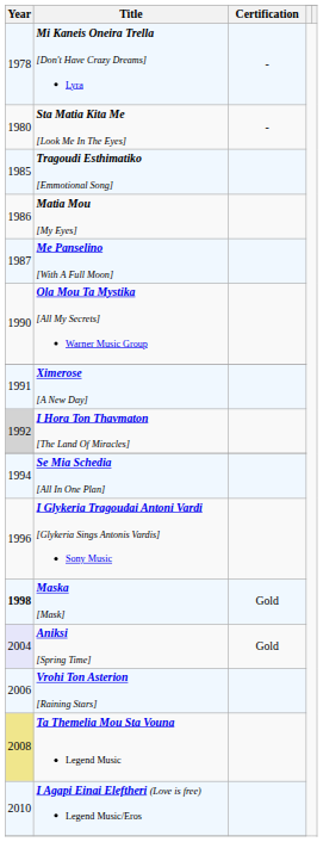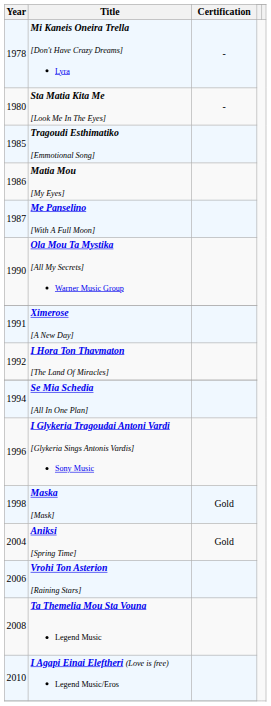 <table class="wikitable"|width=100%>
 <tr bgcolor="#CCCCCC">
 <th width="20" rowspan="2">Year</th>
 <th width="260" rowspan="2">Title</th>
 <th width="100" rowspan="2">Certification</th>
 </tr>
 <tr>
 <th></th>
 <th></th>
 </tr>
 <tr bgcolor="#F0F8FF">
 <td>1978</td>
 <td><strong><em>Mi Kaneis Oneira Trella</em></strong> <br><br><em><small>[Don't Have Crazy Dreams]</small></em><ul><li><small> <a href='#'>Lyra</a></small></li></ul></td>
 <td align="center">-</td>
 </tr>
 <tr>
 <td>1980</td>
 <td><strong><em>Sta Matia Kita Me</em></strong>  <br><br><em><small>[Look Me In The Eyes]</small></em></td>
 <td align="center">-</td>
 </tr>
 <tr bgcolor="#F0F8FF">
 <td>1985</td>
 <td><strong><em>Tragoudi Esthimatiko</em></strong> <br><br><em><small>[Emmotional Song]</small></em></td>
 <td align="center"></td>
 </tr>
 <tr>
 <td>1986</td>
 <td><strong><em>Matia Mou</em></strong>  <br><br><em><small>[My Eyes]</small></em></td>
 <td align="center"></td>
 </tr>
 <tr bgcolor="#F0F8FF">
 <td>1987</td>
 <td><strong><em><a href='#'>Me Panselino</a></em></strong> <br><br><em><small>[With A Full Moon]</small></em></td>
 <td align="center"></td>
 </tr>
 <tr>
 <td>1990</td>
 <td><strong><em><a href='#'>Ola Mou Ta Mystika</a></em></strong>  <br><br><em><small>[All My Secrets]</small></em><ul><li><small> <a href='#'>Warner Music Group</a></small></li></ul></td>
 <td align="center"></td>
 </tr>
 <tr>
 </tr>
 <tr bgcolor="#F0F8FF">
 <td>1991</td>
 <td><strong><em><a href='#'>Ximerose</a></em></strong> <br><br><em><small>[A New Day]</small></em></td>
 <td align="center"></td>
 </tr>
 <tr>
-<td style="background: lightgrey;">1992</td>
+<td>1992</td>
 <td><strong><em><a href='#'>I Hora Ton Thavmaton</a></em></strong> <br><br><em><small>[The Land Of Miracles]</small></em></td>
 <td align="center"></td>
 </tr>
 <tr>
 </tr>
 <tr bgcolor="#F0F8FF">
 <td>1994</td>
 <td><strong><em><a href='#'>Se Mia Schedia</a></em></strong> <br><br><em><small>[All In One Plan]</small></em></td>
 <td align="center"></td>
 </tr>
 <tr>
 <td>1996</td>
 <td><strong><em><a href='#'>I Glykeria Tragoudai Antoni Vardi</a></em></strong>  <br><br><em><small>[Glykeria Sings Antonis Vardis]</small></em><ul><li><small><a href='#'>Sony Music</a></small></li></ul></td>
 <td align="center"></td>
 </tr>
 <tr bgcolor="#F0F8FF">
-<td><strong>1998</strong></td>
+<td>1998</td>
 <td><strong><em><a href='#'>Maska</a></em></strong> <br><br><em><small>[Mask]</small></em></td>
 <td align="center">Gold</td>
 </tr>
 <tr>
-<td style="background: lavender;">2004</td>
+<td>2004</td>
 <td><strong><em><a href='#'>Aniksi</a></em></strong> <br><br><em><small>[Spring Time]</small></em></td>
 <td align="center">Gold</td>
 </tr>
 <tr bgcolor="#F0F8FF">
 <td>2006</td>
 <td><strong><em><a href='#'>Vrohi Ton Asterion</a></em></strong> <br><br><em><small>[Raining Stars]</small></em></td>
 <td align="center"></td>
 </tr>
 <tr>
-<td style="background: khaki;">2008</td>
+<td>2008</td>
 <td><strong><em><a href='#'>Ta Themelia Mou Sta Vouna</a></em></strong> <br><br><em><small></small></em><ul><li><small>Legend Music</small></li></ul></td>
 <td align="center"></td>
 </tr>
 <tr bgcolor="#F0F8FF">
 <td>2010</td>
 <td><strong><em><a href='#'>I Agapi Einai Eleftheri</a></em></strong> <small><em>(Love is free)</em></small><br><ul><li><small>Legend Music/Eros</small></li></ul></td>
 <td align="center"></td>
 </tr>
 <tr>
 </tr>
 </table>
